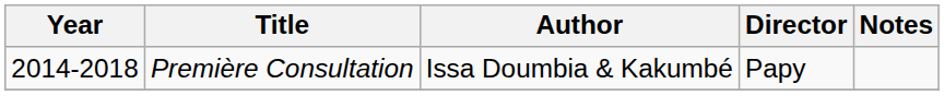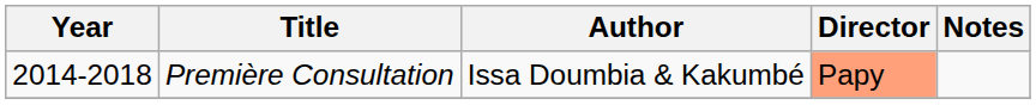 <table class="wikitable">
 <tr>
 <th>Year</th>
 <th>Title</th>
 <th>Author</th>
 <th>Director</th>
 <th>Notes</th>
 </tr>
 <tr>
 <td>2014-2018</td>
 <td><em>Première Consultation</em></td>
 <td>Issa Doumbia & Kakumbé</td>
-<td>Papy</td>
+<td style="background: lightsalmon;">Papy</td>
 <td></td>
 </tr>
 <tr>
 </tr>
 </table>
